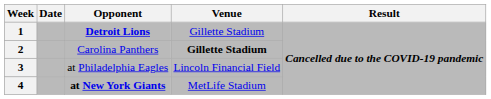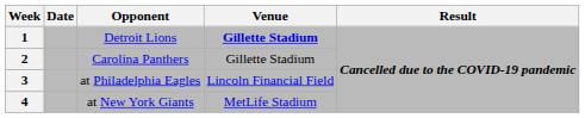 <table class="wikitable" style="text-align:center">
 <tr>
 <th>Week</th>
 <th>Date</th>
 <th>Opponent</th>
 <th>Venue</th>
 <th>Result</th>
 </tr>
 <tr style="background:#bababa">
 <th>1</th>
 <td></td>
-<td><strong><a href='#'>Detroit Lions</a></strong></td>
-<td><a href='#'>Gillette Stadium</a></td>
+<td><a href='#'>Detroit Lions</a></td>
+<td><strong><a href='#'>Gillette Stadium</a></strong></td>
 <td rowspan=4><strong><em>Cancelled due to the COVID-19 pandemic</em></strong></td>
 </tr>
 <tr style="background:#bababa">
 <th>2</th>
 <td></td>
 <td><a href='#'>Carolina Panthers</a></td>
-<td><strong>Gillette Stadium</strong></td>
+<td>Gillette Stadium</td>
 </tr>
 <tr style="background:#bababa">
 <th>3</th>
 <td></td>
 <td>at <a href='#'>Philadelphia Eagles</a></td>
 <td><a href='#'>Lincoln Financial Field</a></td>
 </tr>
 <tr style="background:#bababa">
 <th>4</th>
 <td></td>
-<td><strong>at <a href='#'>New York Giants</a></strong></td>
+<td>at <a href='#'>New York Giants</a></td>
 <td><a href='#'>MetLife Stadium</a></td>
 </tr>
 </table>
